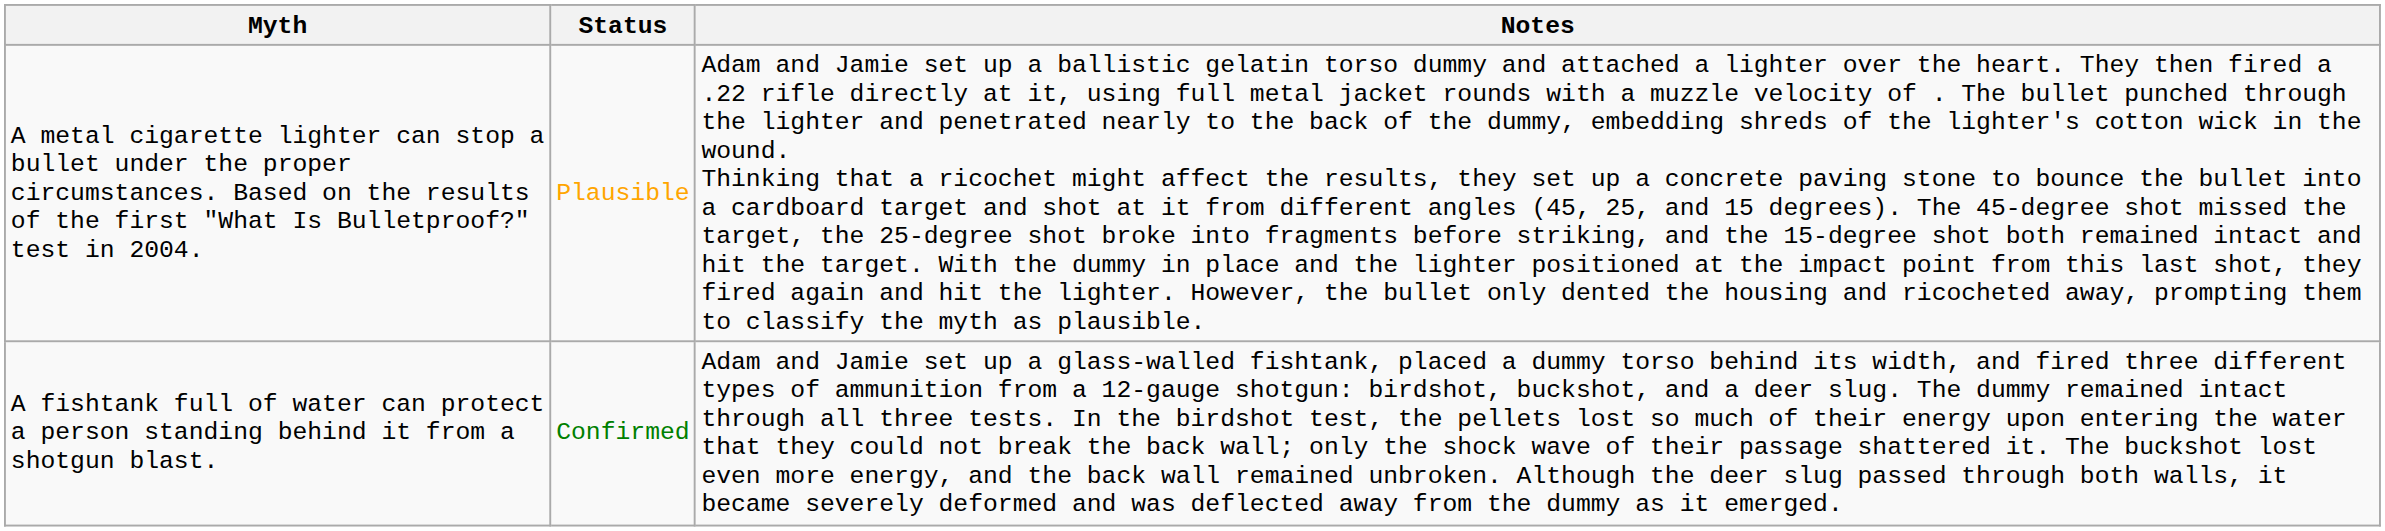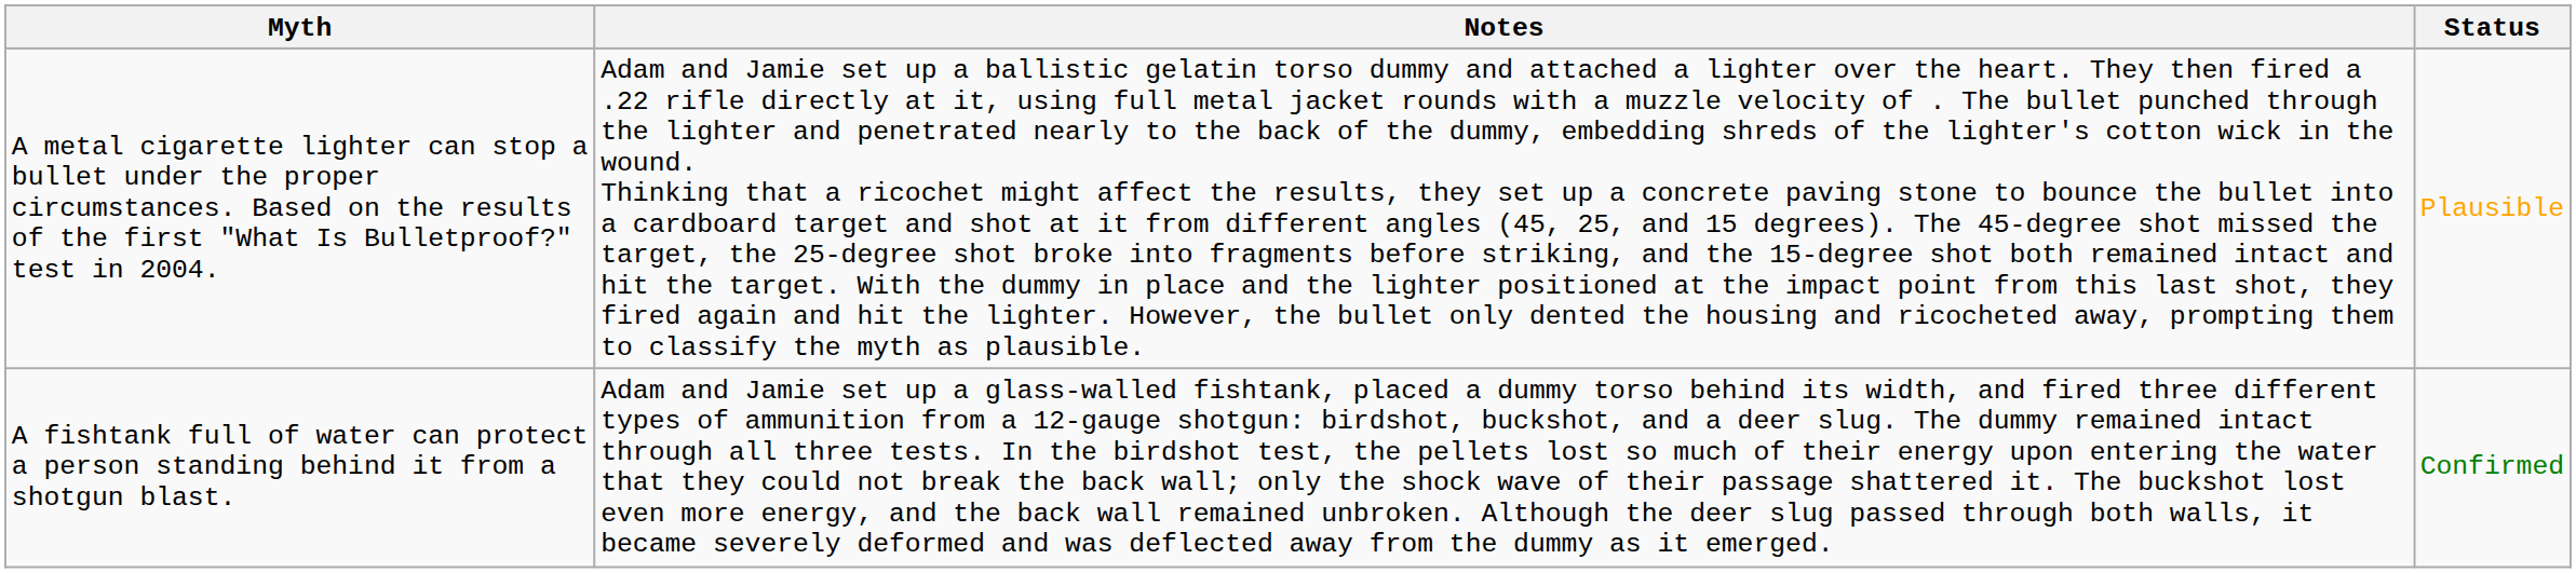 <table class="wikitable plainrowheaders">
 <tr>
 <th scope"col">Myth</th>
+<th scope"col">Notes</th>
 <th scope"col">Status</th>
-<th scope"col">Notes</th>
 </tr>
 <tr>
 <td scope"row">A metal cigarette lighter can stop a bullet under the proper circumstances. Based on the results of the first "What Is Bulletproof?" test in 2004.</td>
+<td>Adam and Jamie set up a ballistic gelatin torso dummy and attached a lighter over the heart. They then fired a .22 rifle directly at it, using full metal jacket rounds with a muzzle velocity of . The bullet punched through the lighter and penetrated nearly to the back of the dummy, embedding shreds of the lighter's cotton wick in the wound.<br>Thinking that a ricochet might affect the results, they set up a concrete paving stone to bounce the bullet into a cardboard target and shot at it from different angles (45, 25, and 15 degrees). The 45-degree shot missed the target, the 25-degree shot broke into fragments before striking, and the 15-degree shot both remained intact and hit the target. With the dummy in place and the lighter positioned at the impact point from this last shot, they fired again and hit the lighter. However, the bullet only dented the housing and ricocheted away, prompting them to classify the myth as plausible.</td>
 <td style="color:orange">Plausible</td>
-<td>Adam and Jamie set up a ballistic gelatin torso dummy and attached a lighter over the heart. They then fired a .22 rifle directly at it, using full metal jacket rounds with a muzzle velocity of . The bullet punched through the lighter and penetrated nearly to the back of the dummy, embedding shreds of the lighter's cotton wick in the wound.<br>Thinking that a ricochet might affect the results, they set up a concrete paving stone to bounce the bullet into a cardboard target and shot at it from different angles (45, 25, and 15 degrees). The 45-degree shot missed the target, the 25-degree shot broke into fragments before striking, and the 15-degree shot both remained intact and hit the target. With the dummy in place and the lighter positioned at the impact point from this last shot, they fired again and hit the lighter. However, the bullet only dented the housing and ricocheted away, prompting them to classify the myth as plausible.</td>
 </tr>
 <tr>
 <td scope"row">A  fishtank full of water can protect a person standing behind it from a shotgun blast.</td>
+<td>Adam and Jamie set up a glass-walled fishtank, placed a dummy torso behind its width, and fired three different types of ammunition from a 12-gauge shotgun: birdshot, buckshot, and a deer slug. The dummy remained intact through all three tests. In the birdshot test, the pellets lost so much of their energy upon entering the water that they could not break the back wall; only the shock wave of their passage shattered it. The buckshot lost even more energy, and the back wall remained unbroken. Although the deer slug passed through both walls, it became severely deformed and was deflected away from the dummy as it emerged.</td>
 <td style="color:green">Confirmed</td>
-<td>Adam and Jamie set up a glass-walled fishtank, placed a dummy torso behind its width, and fired three different types of ammunition from a 12-gauge shotgun: birdshot, buckshot, and a deer slug. The dummy remained intact through all three tests. In the birdshot test, the pellets lost so much of their energy upon entering the water that they could not break the back wall; only the shock wave of their passage shattered it. The buckshot lost even more energy, and the back wall remained unbroken. Although the deer slug passed through both walls, it became severely deformed and was deflected away from the dummy as it emerged.</td>
 </tr>
 </table>
